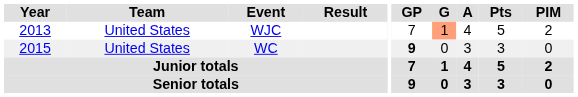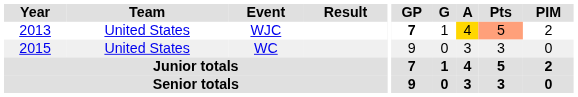 <table border="0" cellpadding="1" cellspacing="0" ID="Table3" style="text-align:center; width:40em">
 <tr ALIGN="center" bgcolor="#e0e0e0">
 <th>Year</th>
 <th>Team</th>
 <th>Event</th>
 <th>Result</th>
 <th rowspan="99" bgcolor="#ffffff"></th>
 <th>GP</th>
 <th>G</th>
 <th>A</th>
 <th>Pts</th>
 <th>PIM</th>
 </tr>
 <tr>
 <td><a href='#'>2013</a></td>
 <td><a href='#'>United States</a></td>
 <td><a href='#'>WJC</a></td>
 <td></td>
-<td>7</td>
-<td style="background: lightsalmon;">1</td>
-<td>4</td>
-<td>5</td>
+<td><strong>7</strong></td>
+<td>1</td>
+<td style="background: gold;">4</td>
+<td style="background: lightsalmon;">5</td>
 <td>2</td>
 </tr>
 <tr bgcolor="#f0f0f0">
 <td><a href='#'>2015</a></td>
 <td><a href='#'>United States</a></td>
 <td><a href='#'>WC</a></td>
 <td></td>
-<td><strong>9</strong></td>
+<td>9</td>
 <td>0</td>
 <td>3</td>
 <td>3</td>
 <td>0</td>
 </tr>
 <tr bgcolor="#e0e0e0">
 <th colspan=4>Junior totals</th>
 <th>7</th>
 <th>1</th>
 <th>4</th>
 <th>5</th>
 <th>2</th>
 </tr>
 <tr bgcolor="#e0e0e0">
 <th colspan=4>Senior totals</th>
 <th>9</th>
 <th>0</th>
 <th>3</th>
 <th>3</th>
 <th>0</th>
 </tr>
 </table>
